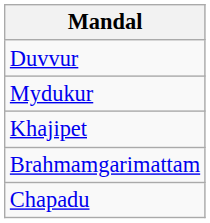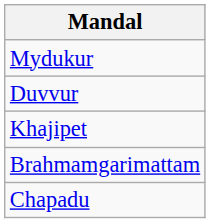 <table class="wikitable sortable static-row-numbers static-row-header-hash">
 <tr>
 <th>Mandal</th>
 </tr>
 <tr>
-<td><a href='#'>Duvvur</a></td>
+<td><a href='#'>Mydukur</a></td>
 </tr>
 <tr>
-<td><a href='#'>Mydukur</a></td>
+<td><a href='#'>Duvvur</a></td>
 </tr>
 <tr>
 <td><a href='#'>Khajipet</a></td>
 </tr>
 <tr>
 <td><a href='#'>Brahmamgarimattam</a></td>
 </tr>
 <tr>
 <td><a href='#'>Chapadu</a></td>
 </tr>
 </table>
